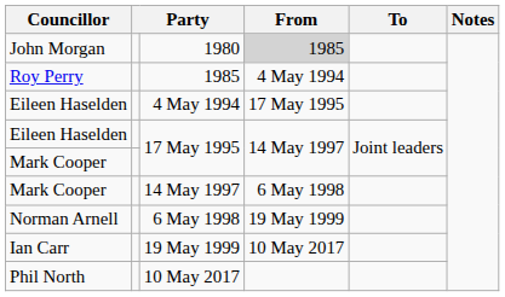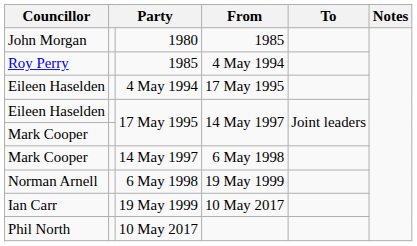 <table class=wikitable>
 <tr>
 <th>Councillor</th>
 <th colspan=2>Party</th>
 <th>From</th>
 <th>To</th>
 <th>Notes</th>
 </tr>
 <tr>
 <td>John Morgan</td>
 <td></td>
 <td align=right>1980</td>
-<td align=right style="background: lightgrey;">1985</td>
+<td align=right>1985</td>
 <td></td>
 </tr>
 <tr>
 <td><a href='#'>Roy Perry</a></td>
 <td></td>
 <td align=right>1985</td>
 <td align=right>4 May 1994</td>
 <td></td>
 </tr>
 <tr>
 <td>Eileen Haselden</td>
 <td></td>
 <td align=right>4 May 1994</td>
 <td align=right>17 May 1995</td>
 <td></td>
 </tr>
 <tr>
 <td>Eileen Haselden</td>
 <td></td>
 <td rowspan=2 align=right>17 May 1995</td>
 <td rowspan=2 align=right>14 May 1997</td>
 <td rowspan=2>Joint leaders</td>
 </tr>
 <tr>
 <td>Mark Cooper</td>
 <td></td>
 </tr>
 <tr>
 <td>Mark Cooper</td>
 <td></td>
 <td align=right>14 May 1997</td>
 <td align=right>6 May 1998</td>
 <td></td>
 </tr>
 <tr>
 <td>Norman Arnell</td>
 <td></td>
 <td align=right>6 May 1998</td>
 <td align=right>19 May 1999</td>
 <td></td>
 </tr>
 <tr>
 <td>Ian Carr</td>
 <td></td>
 <td align=right>19 May 1999</td>
 <td align=right>10 May 2017</td>
 <td></td>
 </tr>
 <tr>
 <td>Phil North</td>
 <td></td>
 <td align=right>10 May 2017</td>
 <td align=right></td>
 <td></td>
 </tr>
 </table>
